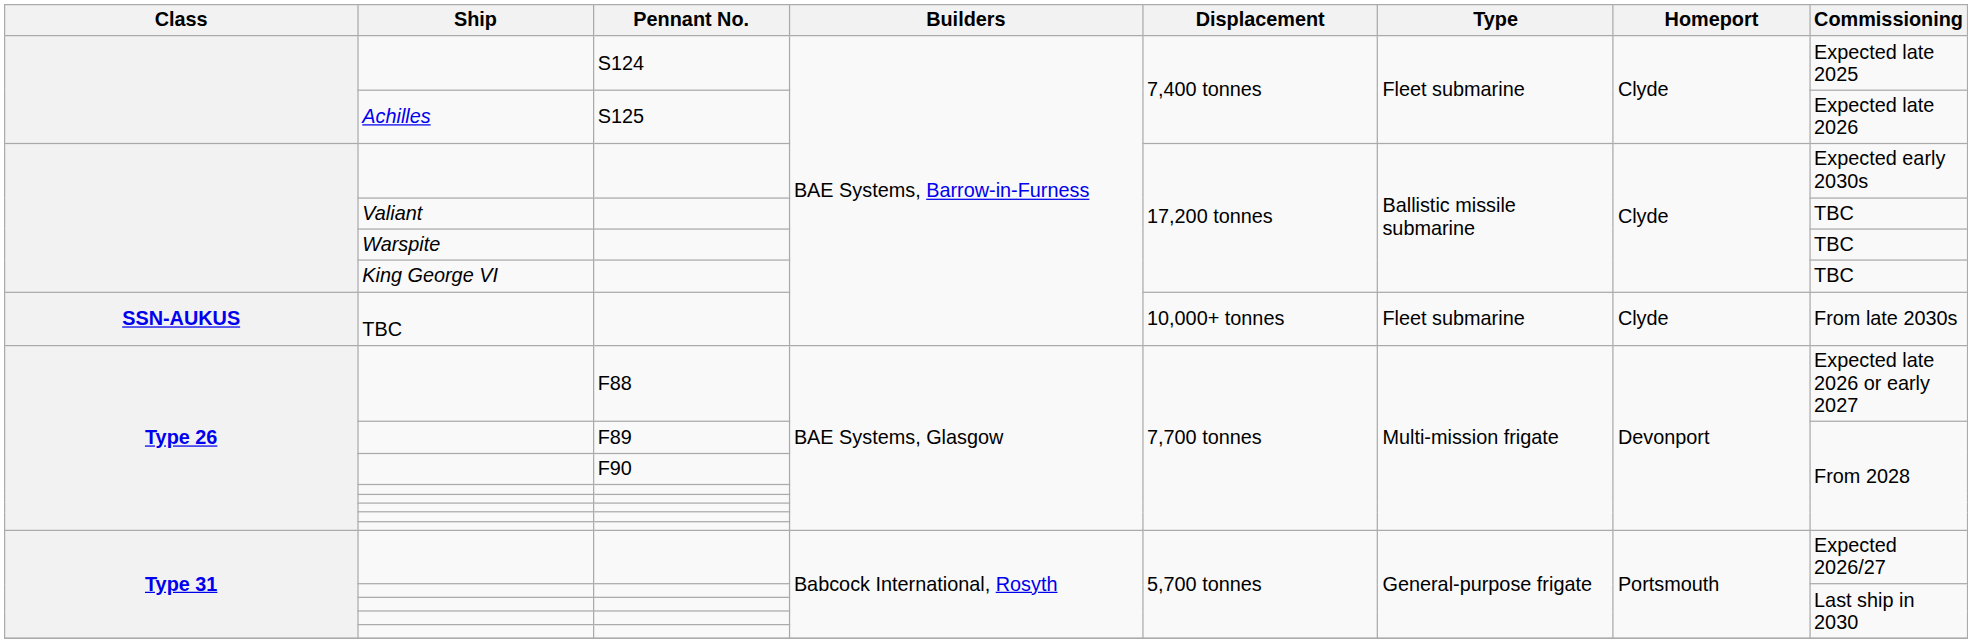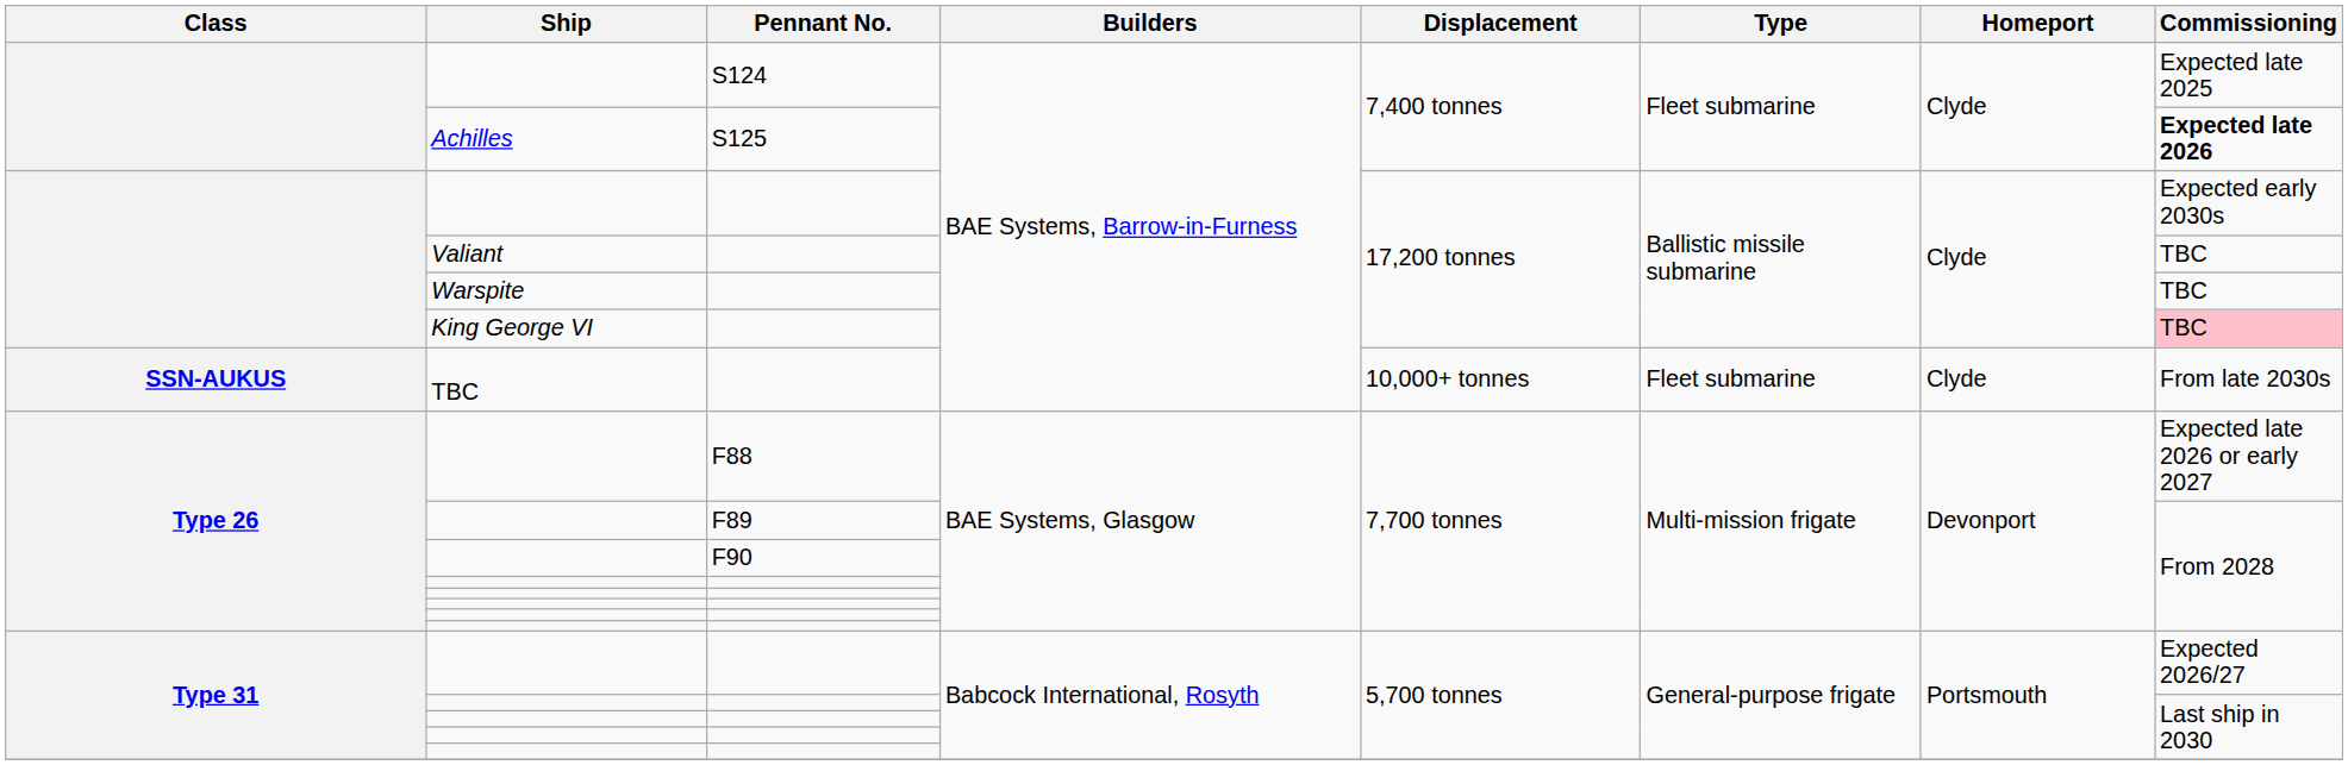 <table class="wikitable" style="margin:auto; width:100%;">
 <tr>
 <th style="text-align:center; width:18%;">Class</th>
 <th style="text-align:center; width:12%;">Ship</th>
 <th style="text-align:center; width:10%;">Pennant No.</th>
 <th style="text-align:center; width:18%;">Builders</th>
 <th style="text-align:center; width:12%;">Displacement</th>
 <th style="text-align:center; width:12%;">Type</th>
 <th style="text-align:center; width:10%;">Homeport</th>
 <th style="text-align:center; width:8%;">Commissioning</th>
 </tr>
 <tr>
 <th rowspan="2"></th>
 <td></td>
 <td>S124</td>
 <td 2022 rowspan=7>BAE Systems, <a href='#'>Barrow-in-Furness</a></td>
 <td rowspan=2>7,400 tonnes</td>
 <td rowspan=2>Fleet submarine</td>
 <td rowspan=2>Clyde</td>
 <td>Expected late 2025</td>
 </tr>
 <tr>
 <td><a href='#'><em>Achilles</em></a></td>
 <td>S125</td>
-<td>Expected late 2026</td>
+<td><strong>Expected late 2026</strong></td>
 </tr>
 <tr>
 <th rowspan="4"></th>
 <td></td>
 <td></td>
 <td rowspan=4>17,200 tonnes</td>
 <td rowspan=4>Ballistic missile submarine</td>
 <td rowspan=4>Clyde</td>
 <td>Expected early 2030s</td>
 </tr>
 <tr>
 <td><em>Valiant</em></td>
 <td></td>
 <td>TBC</td>
 </tr>
 <tr>
 <td><em>Warspite</em></td>
 <td></td>
 <td>TBC</td>
 </tr>
 <tr>
 <td><em>King George VI</em></td>
 <td></td>
-<td>TBC</td>
+<td style="background: pink;">TBC</td>
 </tr>
 <tr>
 <th rowspan="1"><a href='#'>SSN-AUKUS</a></th>
 <td><br>TBC</td>
 <td></td>
 <td rowspan=1>10,000+ tonnes</td>
 <td rowspan=1>Fleet submarine</td>
 <td rowspan="1">Clyde</td>
 <td>From late 2030s</td>
 </tr>
 <tr>
 <th rowspan="8"><a href='#'>Type 26</a></th>
 <td></td>
 <td>F88</td>
 <td rowspan=8>BAE Systems, Glasgow</td>
 <td rowspan=8>7,700 tonnes</td>
 <td rowspan="8">Multi-mission frigate</td>
 <td rowspan=8>Devonport</td>
 <td>Expected late 2026 or early 2027</td>
 </tr>
 <tr>
 <td></td>
 <td>F89</td>
 <td rowspan=7>From 2028</td>
 </tr>
 <tr>
 <td></td>
 <td>F90</td>
 </tr>
 <tr>
 <td></td>
 <td></td>
 </tr>
 <tr>
 <td></td>
 <td></td>
 </tr>
 <tr>
 <td></td>
 <td></td>
 </tr>
 <tr>
 <td></td>
 <td></td>
 </tr>
 <tr>
 <td></td>
 <td></td>
 </tr>
 <tr>
 <th rowspan="5"><a href='#'>Type 31</a></th>
 <td></td>
 <td></td>
 <td rowspan=5>Babcock International, <a href='#'>Rosyth</a></td>
 <td rowspan=5>5,700 tonnes</td>
 <td rowspan=5>General-purpose frigate</td>
 <td rowspan=5>Portsmouth</td>
 <td>Expected 2026/27</td>
 </tr>
 <tr>
 <td></td>
 <td></td>
 <td rowspan=4>Last ship in 2030</td>
 </tr>
 <tr>
 <td></td>
 <td></td>
 </tr>
 <tr>
 <td></td>
 </tr>
 <tr>
 <td></td>
 <td></td>
 </tr>
 <tr>
 </tr>
 </table>
